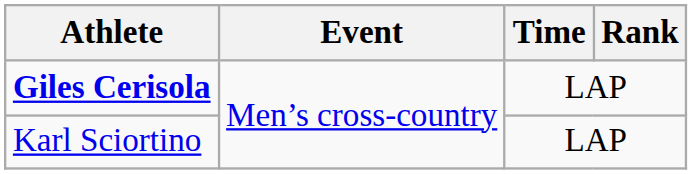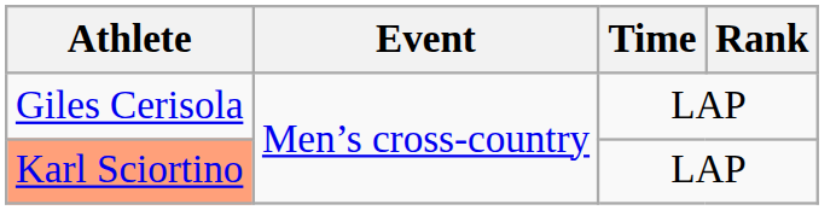 <table class=wikitable style="font-size:90%;">
 <tr>
 <th>Athlete</th>
 <th>Event</th>
 <th>Time</th>
 <th>Rank</th>
 </tr>
 <tr align=center>
-<td align=left><strong><a href='#'>Giles Cerisola</a></strong></td>
+<td align=left><a href='#'>Giles Cerisola</a></td>
 <td align=left rowspan=2><a href='#'>Men’s cross-country</a></td>
 <td colspan=2>LAP</td>
 </tr>
 <tr align=center>
-<td align=left><a href='#'>Karl Sciortino</a></td>
+<td align=left style="background: lightsalmon;"><a href='#'>Karl Sciortino</a></td>
 <td colspan=2>LAP</td>
 </tr>
 </table>
